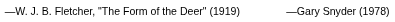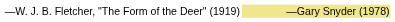 <table role="presentation" style="margin-left:1em !important;margin-bottom:2.4em;white-space:nowrap;">
 <tr>
 <th scope="col"></th>
 <th scope="col"></th>
 </tr>
 <tr style="vertical-align:text-top">
 <td style="line-height:320%"></td>
 <td style="padding-left:2.6rem;line-height:160%"></td>
 </tr>
 <tr style="vertical-align:top;">
 <td style="padding-left:1.6rem">—W. J. B. Fletcher, "The Form of the Deer" (1919)</td>
-<td style="padding-left:4.2rem">—Gary Snyder (1978)</td>
+<td style="background: khaki; padding-left:4.2rem">—Gary Snyder (1978)</td>
 </tr>
 </table>
